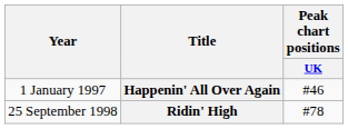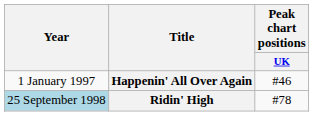 <table class="wikitable plainrowheaders" style="text-align:center;">
 <tr>
 <th scope="col" rowspan="2">Year</th>
 <th scope="col" rowspan="2">Title</th>
 <th scope="col" colspan="1">Peak chart positions</th>
 </tr>
 <tr>
 <th scope="col" style="width:3em;font-size:85%;"><a href='#'>UK</a><br></th>
 </tr>
 <tr>
 <td>1 January 1997</td>
 <th scope="row">Happenin' All Over Again</th>
 <td>#46</td>
 </tr>
 <tr>
-<td>25 September 1998</td>
+<td style="background: lightblue;">25 September 1998</td>
 <th scope="row">Ridin' High</th>
 <td>#78</td>
 </tr>
 </table>
